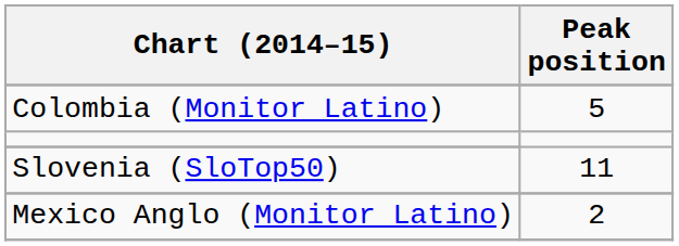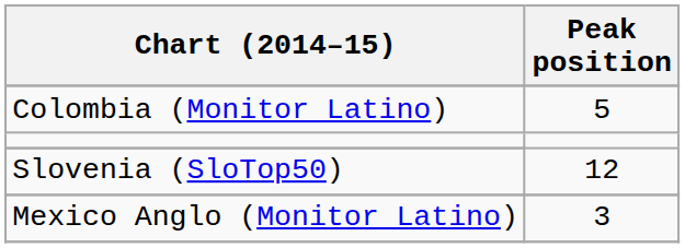 <table class="wikitable sortable">
 <tr>
 <th>Chart (2014–15)</th>
 <th>Peak<br>position</th>
 </tr>
 <tr>
 </tr>
 <tr>
 </tr>
 <tr>
 </tr>
 <tr>
 </tr>
 <tr>
 <td scope="row">Colombia (<a href='#'>Monitor Latino</a>)</td>
 <td style="text-align:center;">5</td>
 </tr>
 <tr>
 <td></td>
 </tr>
 <tr>
 </tr>
 <tr>
 </tr>
 <tr>
 </tr>
 <tr>
 </tr>
 <tr>
 </tr>
 <tr>
 <td scope="row">Slovenia (<a href='#'>SloTop50</a>)</td>
-<td style="text-align:center;">11</td>
+<td style="text-align:center;">12</td>
 </tr>
 <tr>
 </tr>
 <tr>
 </tr>
 <tr>
 <td scope="row">Mexico Anglo (<a href='#'>Monitor Latino</a>)</td>
-<td align=center>2</td>
+<td align=center>3</td>
 </tr>
 <tr>
 </tr>
 <tr>
 </tr>
 <tr>
 </tr>
 <tr>
 </tr>
 <tr>
 </tr>
 </table>
